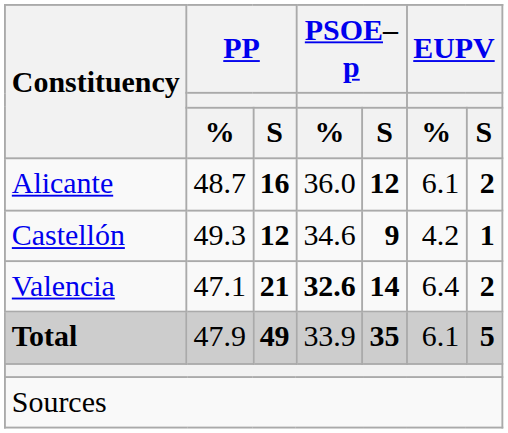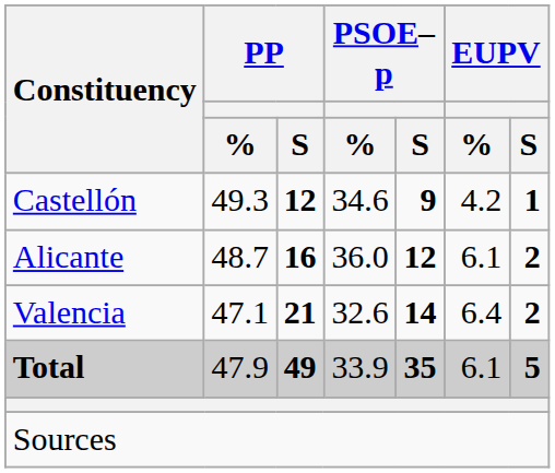 <table class="wikitable sortable" style="text-align:right; line-height:20px;">
 <tr>
 <th rowspan="3">Constituency</th>
 <th colspan="2" width="30px" class="unsortable"><a href='#'>PP</a></th>
 <th colspan="2" width="30px" class="unsortable"><a href='#'>PSOE</a>–<a href='#'>p</a></th>
 <th colspan="2" width="30px" class="unsortable"><a href='#'>EUPV</a></th>
 </tr>
 <tr>
 <th colspan="2" style="background:"></th>
 <th colspan="2" style="background:"></th>
 <th colspan="2" style="background:"></th>
 </tr>
 <tr>
 <th data-sort-type="number">%</th>
 <th data-sort-type="number">S</th>
 <th data-sort-type="number">%</th>
 <th data-sort-type="number">S</th>
 <th data-sort-type="number">%</th>
 <th data-sort-type="number">S</th>
 </tr>
 <tr>
+<td align="left"><a href='#'>Castellón</a></td>
+<td style="background:">49.3</td>
+<td><strong>12</strong></td>
+<td>34.6</td>
+<td><strong>9</strong></td>
+<td>4.2</td>
+<td><strong>1</strong></td>
+</tr>
+<tr>
 <td align="left"><a href='#'>Alicante</a></td>
 <td style="background:">48.7</td>
 <td><strong>16</strong></td>
 <td>36.0</td>
 <td><strong>12</strong></td>
 <td>6.1</td>
 <td><strong>2</strong></td>
 </tr>
 <tr>
-<td align="left"><a href='#'>Castellón</a></td>
-<td style="background:">49.3</td>
-<td><strong>12</strong></td>
-<td>34.6</td>
-<td><strong>9</strong></td>
-<td>4.2</td>
-<td><strong>1</strong></td>
-</tr>
-<tr>
 <td align="left"><a href='#'>Valencia</a></td>
 <td style="background:">47.1</td>
 <td><strong>21</strong></td>
-<td><strong>32.6</strong></td>
+<td>32.6</td>
 <td><strong>14</strong></td>
 <td>6.4</td>
 <td><strong>2</strong></td>
 </tr>
 <tr style="background:#CDCDCD;">
 <td align="left"><strong>Total</strong></td>
 <td style="background:">47.9</td>
 <td><strong>49</strong></td>
 <td>33.9</td>
 <td><strong>35</strong></td>
 <td>6.1</td>
 <td><strong>5</strong></td>
 </tr>
 <tr>
 <th colspan="7"></th>
 </tr>
 <tr>
 <th style="text-align:left; font-weight:normal; background:#F9F9F9" colspan="7">Sources</th>
 </tr>
 </table>
